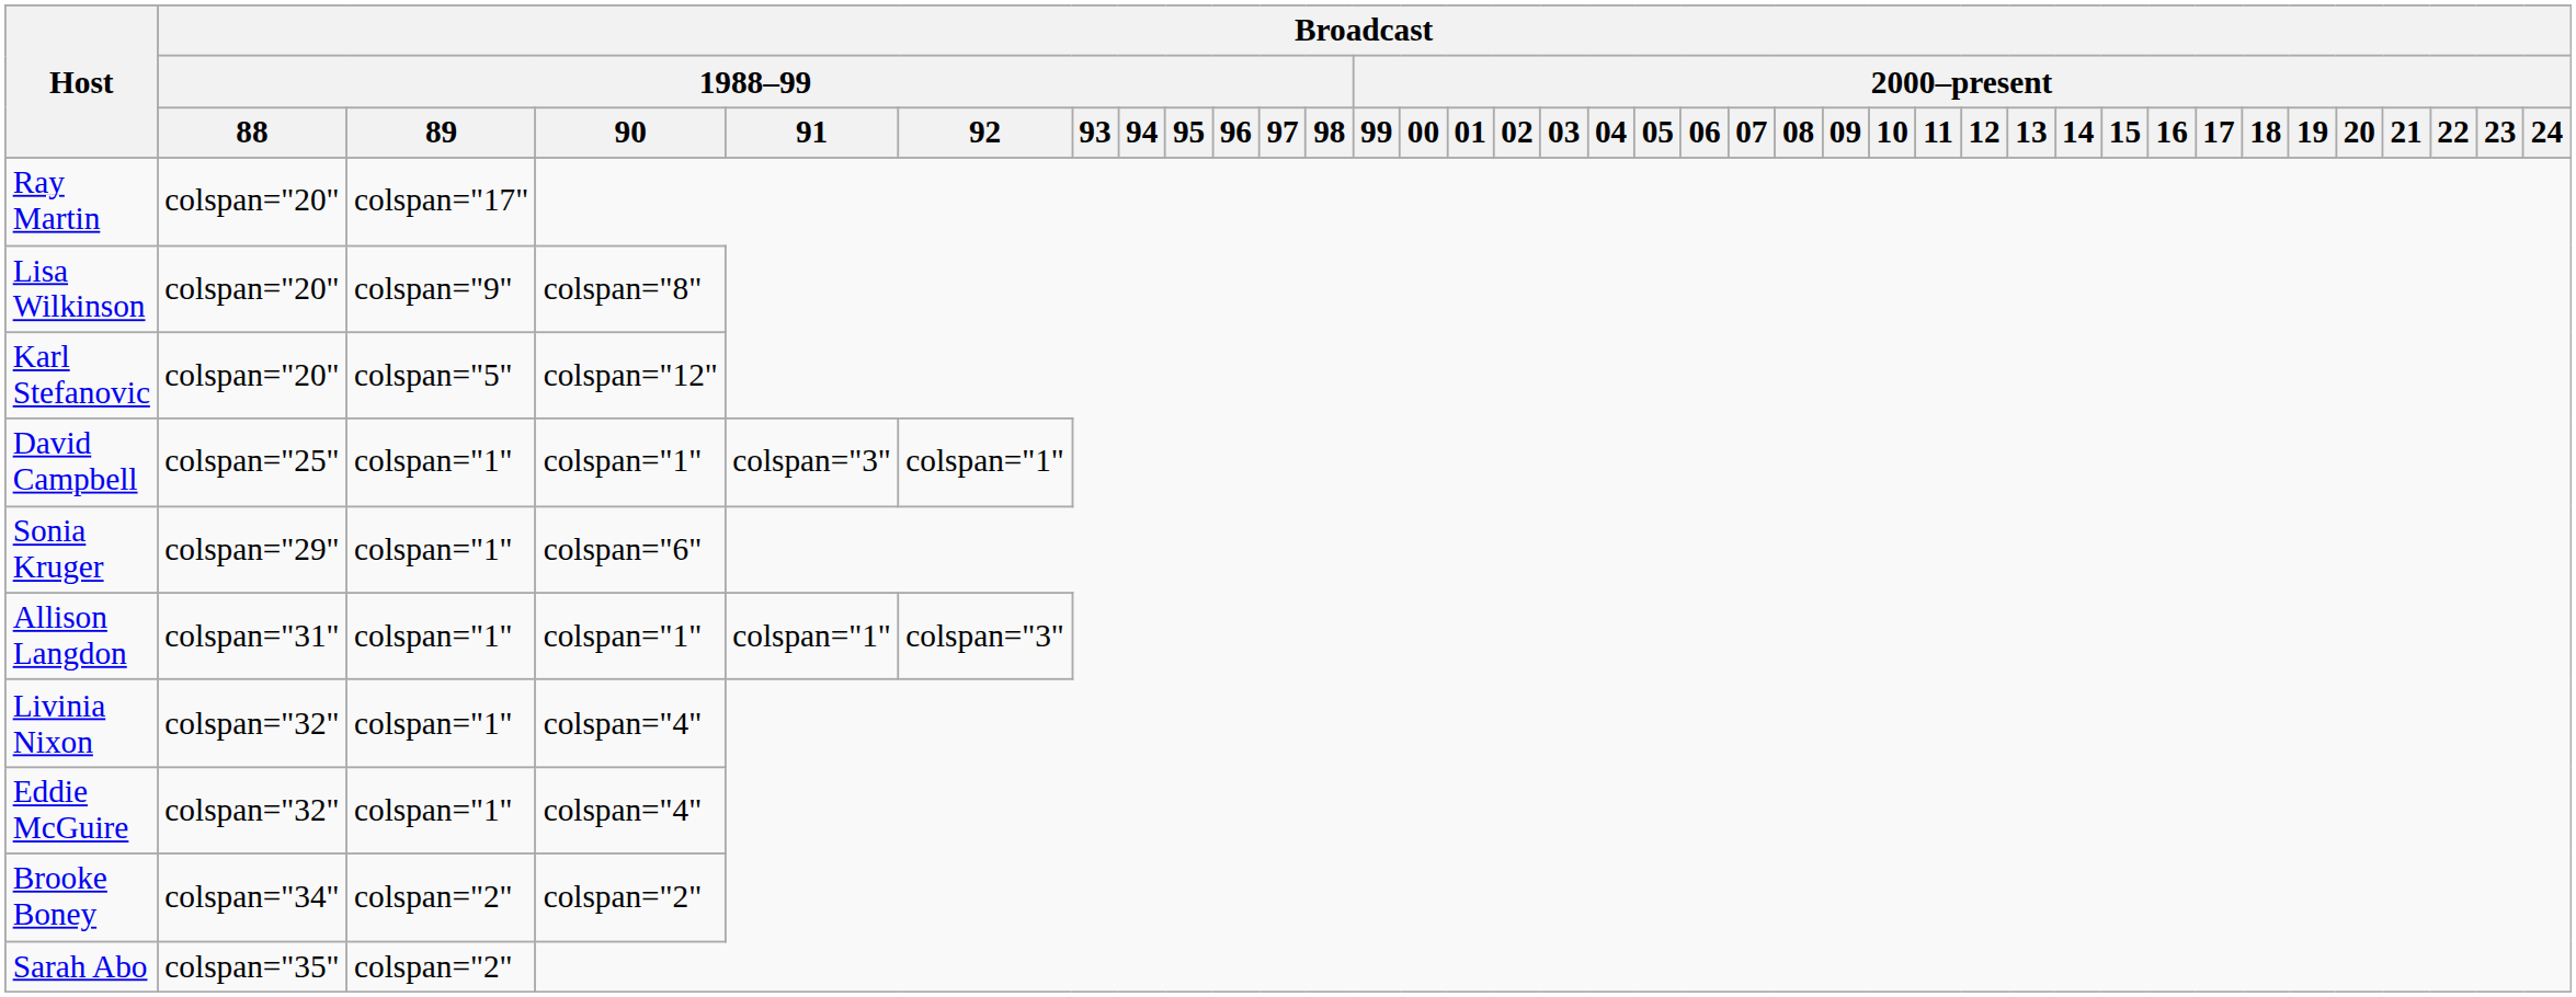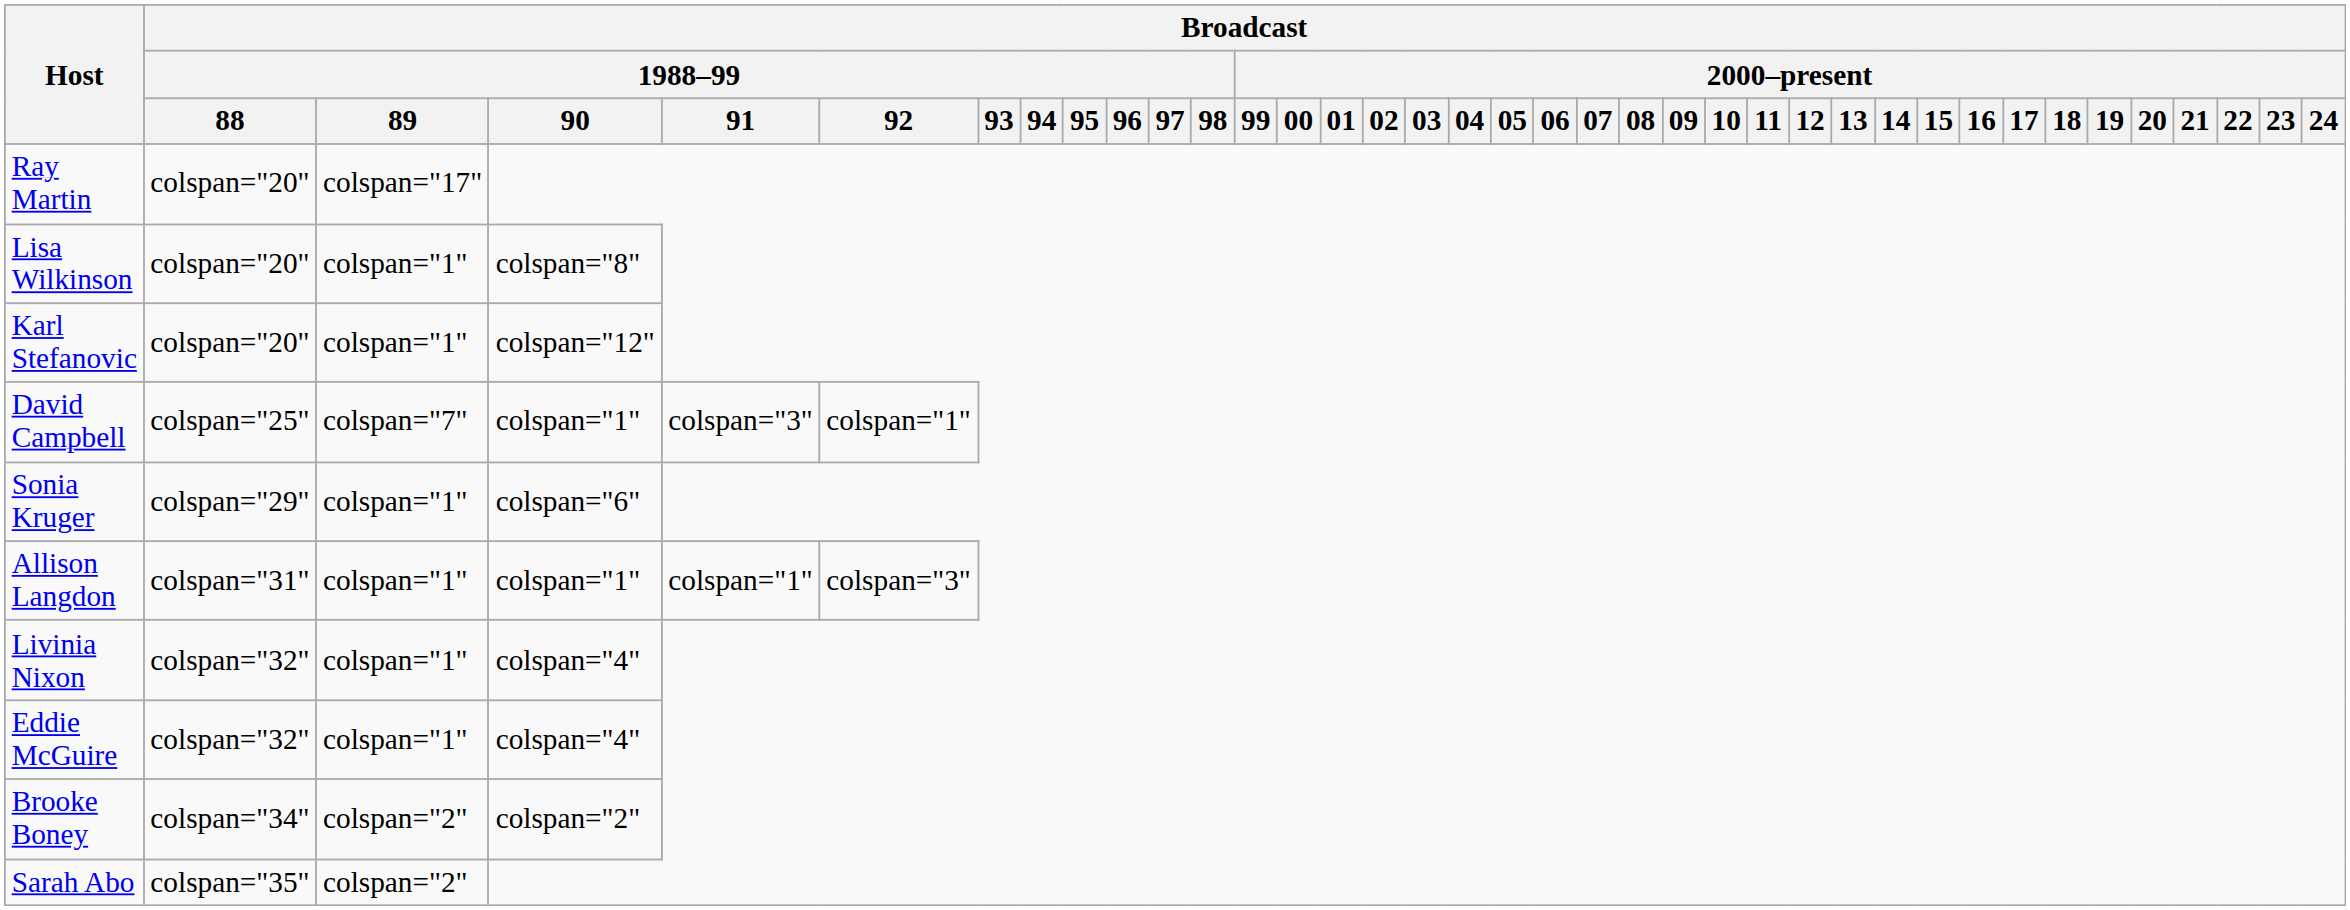 <table class="wikitable plainrowheaders">
 <tr>
 <th scope="col" rowspan="3" style="width:12%;">Host</th>
 <th scope="col" colspan="43"  style="width:100%;">Broadcast</th>
 </tr>
 <tr>
 <th scope="col" colspan="11"  style="width:100%;">1988–99</th>
 <th scope="col" colspan="26"  style="width:100%;">2000–present</th>
 </tr>
 <tr>
 <th scope="col" style="width:2.5%;">88</th>
 <th scope="col" style="width:2.5%;">89</th>
 <th scope="col" style="width:2.5%;">90</th>
 <th scope="col" style="width:2.5%;">91</th>
 <th scope="col" style="width:2.5%;">92</th>
 <th scope="col" style="width:2.5%;">93</th>
 <th scope="col" style="width:2.5%;">94</th>
 <th scope="col" style="width:2.5%;">95</th>
 <th scope="col" style="width:2.5%;">96</th>
 <th scope="col" style="width:2.5%;">97</th>
 <th scope="col" style="width:2.5%;">98</th>
 <th scope="col" style="width:2.5%;">99</th>
 <th scope="col" style="width:2.5%;">00</th>
 <th scope="col" style="width:2.5%;">01</th>
 <th scope="col" style="width:2.5%;">02</th>
 <th scope="col" style="width:2.5%;">03</th>
 <th scope="col" style="width:2.5%;">04</th>
 <th scope="col" style="width:2.5%;">05</th>
 <th scope="col" style="width:2.5%;">06</th>
 <th scope="col" style="width:2.5%;">07</th>
 <th scope="col" style="width:2.5%;">08</th>
 <th scope="col" style="width:2.5%;">09</th>
 <th scope="col" style="width:2.5%;">10</th>
 <th scope="col" style="width:2.5%;">11</th>
 <th scope="col" style="width:2.5%;">12</th>
 <th scope="col" style="width:2.5%;">13</th>
 <th scope="col" style="width:2.5%;">14</th>
 <th scope="col" style="width:2.5%;">15</th>
 <th scope="col" style="width:2.5%;">16</th>
 <th scope="col" style="width:2.5%;">17</th>
 <th scope="col" style="width:2.5%;">18</th>
 <th scope="col" style="width:2.5%;">19</th>
 <th scope="col" style="width:2.5%;">20</th>
 <th scope="col" style="width:2.5%;">21</th>
 <th scope="col" style="width:2.5%;">22</th>
 <th scope="col" style="width:2.5%;">23</th>
 <th scope="col" style="width:2.5%;">24</th>
 </tr>
 <tr>
 <td scope="row"><a href='#'>Ray Martin</a></td>
 <td>colspan="20" </td>
 <td>colspan="17" </td>
 </tr>
 <tr>
 <td scope="row"><a href='#'>Lisa Wilkinson</a></td>
 <td>colspan="20" </td>
-<td>colspan="9" </td>
+<td>colspan="1" </td>
 <td>colspan="8" </td>
 </tr>
 <tr>
 <td scope="row"><a href='#'>Karl Stefanovic</a></td>
 <td>colspan="20" </td>
-<td>colspan="5" </td>
+<td>colspan="1" </td>
 <td>colspan="12" </td>
 </tr>
 <tr>
 <td scope="row"><a href='#'>David Campbell</a></td>
 <td>colspan="25" </td>
-<td>colspan="1" </td>
+<td>colspan="7" </td>
 <td>colspan="1" </td>
 <td>colspan="3" </td>
 <td>colspan="1"  </td>
 </tr>
 <tr>
 <td scope="row"><a href='#'>Sonia Kruger</a></td>
 <td>colspan="29" </td>
 <td>colspan="1" </td>
 <td>colspan="6" </td>
 </tr>
 <tr>
 <td scope="row"><a href='#'>Allison Langdon</a></td>
 <td>colspan="31" </td>
 <td>colspan="1" </td>
 <td>colspan="1" </td>
 <td>colspan="1" </td>
 <td>colspan="3" </td>
 </tr>
 <tr>
 <td scope="row"><a href='#'>Livinia Nixon</a></td>
 <td>colspan="32" </td>
 <td>colspan="1" </td>
 <td>colspan="4" </td>
 </tr>
 <tr>
 <td scope="row"><a href='#'>Eddie McGuire</a></td>
 <td>colspan="32" </td>
 <td>colspan="1" </td>
 <td>colspan="4" </td>
 </tr>
 <tr>
 <td scope="row"><a href='#'>Brooke Boney</a></td>
 <td>colspan="34" </td>
 <td>colspan="2" </td>
 <td>colspan="2" </td>
 </tr>
 <tr>
 <td scope="row"><a href='#'>Sarah Abo</a></td>
 <td>colspan="35" </td>
 <td>colspan="2" </td>
 </tr>
 </table>
